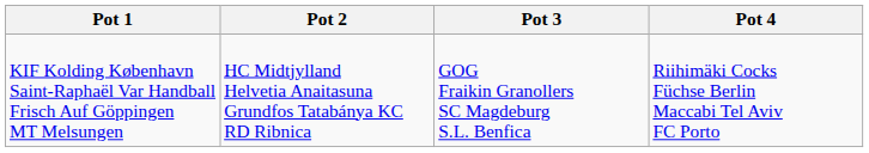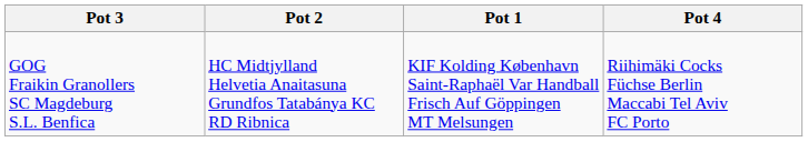 <table class="wikitable">
 <tr>
+<th width=25%>Pot 3</th>
+<th width=25%>Pot 2</th>
 <th width=25%>Pot 1</th>
-<th width=25%>Pot 2</th>
-<th width=25%>Pot 3</th>
 <th width=25%>Pot 4</th>
 </tr>
 <tr>
+<td><br> <a href='#'>GOG</a><br>  <a href='#'>Fraikin Granollers</a><br>  <a href='#'>SC Magdeburg</a><br>  <a href='#'>S.L. Benfica</a></td>
+<td><br> <a href='#'>HC Midtjylland</a><br>  <a href='#'>Helvetia Anaitasuna</a><br>  <a href='#'>Grundfos Tatabánya KC</a><br>  <a href='#'>RD Ribnica</a></td>
 <td><br> <a href='#'>KIF Kolding København</a><br>  <a href='#'>Saint-Raphaël Var Handball</a><br>  <a href='#'>Frisch Auf Göppingen</a><br>  <a href='#'>MT Melsungen</a></td>
-<td><br> <a href='#'>HC Midtjylland</a><br>  <a href='#'>Helvetia Anaitasuna</a><br>  <a href='#'>Grundfos Tatabánya KC</a><br>  <a href='#'>RD Ribnica</a></td>
-<td><br> <a href='#'>GOG</a><br>  <a href='#'>Fraikin Granollers</a><br>  <a href='#'>SC Magdeburg</a><br>  <a href='#'>S.L. Benfica</a></td>
 <td><br> <a href='#'>Riihimäki Cocks</a><br>  <a href='#'>Füchse Berlin</a><br>  <a href='#'>Maccabi Tel Aviv</a><br>  <a href='#'>FC Porto</a></td>
 </tr>
 </table>
